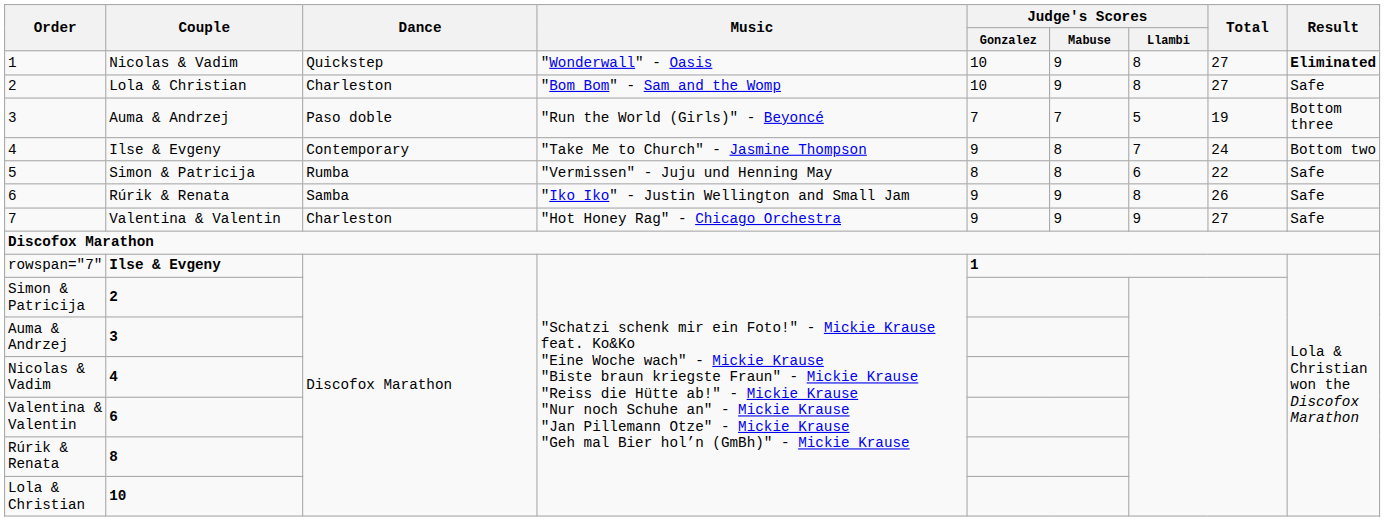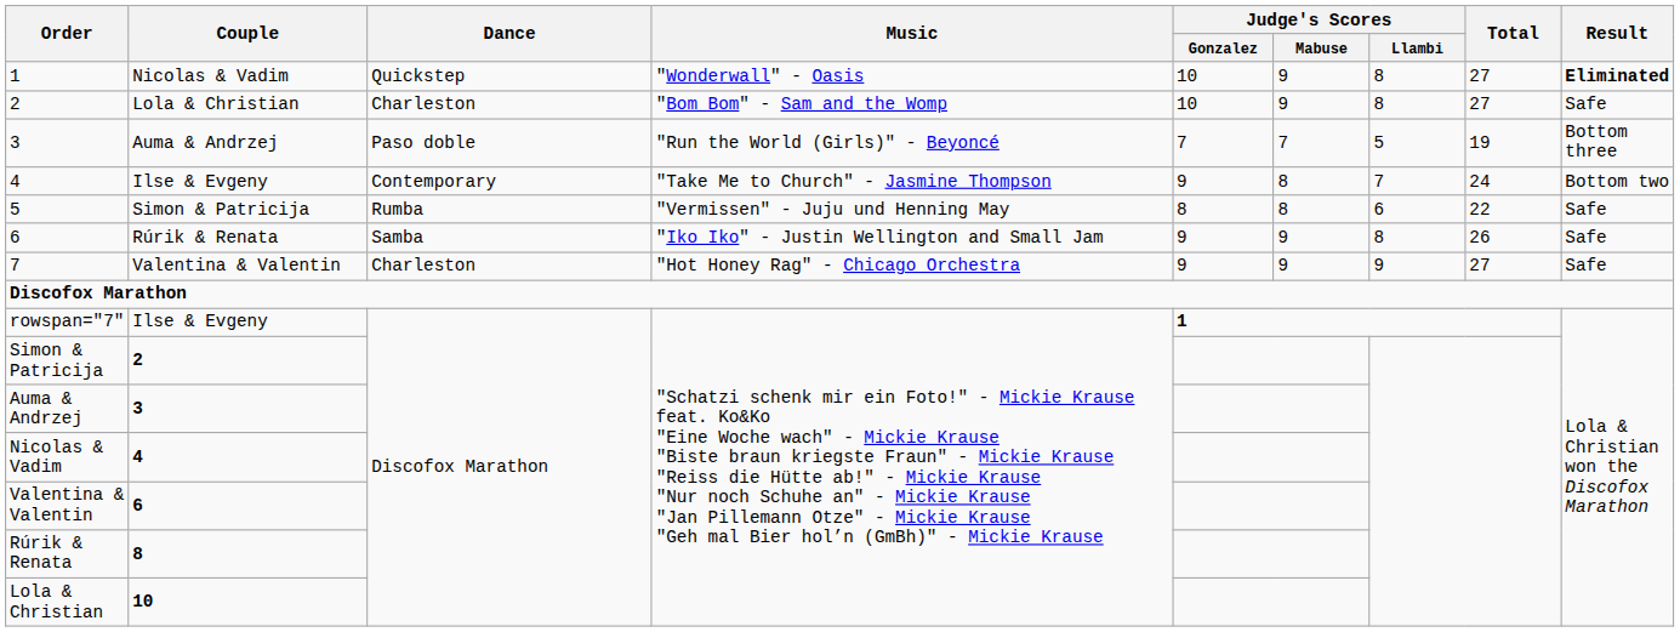 <table class="wikitable sortable center">
 <tr>
 <th rowspan="2" style="width: 4em">Order</th>
 <th rowspan="2" style="width: 17em">Couple</th>
 <th rowspan="2" style="width: 20em">Dance</th>
 <th rowspan="2" style="width: 40em">Music</th>
 <th colspan="3">Judge's Scores</th>
 <th rowspan="2" style="width: 6em">Total</th>
 <th rowspan="2" colspan="2" style="width: 7em">Result</th>
 </tr>
 <tr>
 <th style="width: 6em"><small>Gonzalez</small></th>
 <th style="width: 6em"><small>Mabuse</small></th>
 <th style="width: 6em"><small>Llambi</small></th>
 </tr>
 <tr>
 <td>1</td>
 <td>Nicolas & Vadim</td>
 <td>Quickstep</td>
 <td>"<a href='#'>Wonderwall</a>" - <a href='#'>Oasis</a></td>
 <td>10</td>
 <td>9</td>
 <td>8</td>
 <td>27</td>
 <td colspan="2"><strong>Eliminated</strong></td>
 </tr>
 <tr>
 <td>2</td>
 <td>Lola & Christian</td>
 <td>Charleston</td>
 <td>"<a href='#'>Bom Bom</a>" - <a href='#'>Sam and the Womp</a></td>
 <td>10</td>
 <td>9</td>
 <td>8</td>
 <td>27</td>
 <td colspan="2">Safe</td>
 </tr>
 <tr>
 <td>3</td>
 <td>Auma & Andrzej</td>
 <td>Paso doble</td>
 <td>"Run the World (Girls)" - <a href='#'>Beyoncé</a></td>
 <td>7</td>
 <td>7</td>
 <td>5</td>
 <td>19</td>
 <td colspan="2">Bottom three</td>
 </tr>
 <tr>
 <td>4</td>
 <td>Ilse & Evgeny</td>
 <td>Contemporary</td>
 <td>"Take Me to Church" - <a href='#'>Jasmine Thompson</a></td>
 <td>9</td>
 <td>8</td>
 <td>7</td>
 <td>24</td>
 <td colspan="2">Bottom two</td>
 </tr>
 <tr>
 <td>5</td>
 <td>Simon & Patricija</td>
 <td>Rumba</td>
 <td>"Vermissen" - Juju und Henning May</td>
 <td>8</td>
 <td>8</td>
 <td>6</td>
 <td>22</td>
 <td colspan="2">Safe</td>
 </tr>
 <tr>
 <td>6</td>
 <td>Rúrik & Renata</td>
 <td>Samba</td>
 <td>"<a href='#'>Iko Iko</a>" - Justin Wellington and Small Jam</td>
 <td>9</td>
 <td>9</td>
 <td>8</td>
 <td>26</td>
 <td colspan="2">Safe</td>
 </tr>
 <tr>
 <td>7</td>
 <td>Valentina & Valentin</td>
 <td>Charleston</td>
 <td>"Hot Honey Rag" - <a href='#'>Chicago Orchestra</a></td>
 <td>9</td>
 <td>9</td>
 <td>9</td>
 <td>27</td>
 <td colspan="2">Safe</td>
 </tr>
 <tr>
 <td colspan="10"><strong>Discofox Marathon</strong></td>
 </tr>
 <tr>
 <td>rowspan="7" </td>
-<td><strong>Ilse & Evgeny</strong></td>
+<td>Ilse & Evgeny</td>
 <td rowspan="7">Discofox Marathon</td>
 <td rowspan="7">"Schatzi schenk mir ein Foto!" - <a href='#'>Mickie Krause</a> feat. Ko&Ko<br>"Eine Woche wach" - <a href='#'>Mickie Krause</a><br>"Biste braun kriegste Fraun" - <a href='#'>Mickie Krause</a><br>"Reiss die Hütte ab!" - <a href='#'>Mickie Krause</a><br>"Nur noch Schuhe an" - <a href='#'>Mickie Krause</a><br>"Jan Pillemann Otze" - <a href='#'>Mickie Krause</a><br>"Geh mal Bier hol’n (GmBh)" - <a href='#'>Mickie Krause</a></td>
 <td colspan="5"><strong>1</strong></td>
 <td rowspan="7">Lola & Christian won the <em>Discofox Marathon</em></td>
 </tr>
 <tr>
 <td>Simon & Patricija</td>
 <td colspan="5"><strong>2</strong></td>
 </tr>
 <tr>
 <td>Auma & Andrzej</td>
 <td colspan="5"><strong>3</strong></td>
 </tr>
 <tr>
 <td>Nicolas & Vadim</td>
 <td colspan="5"><strong>4</strong></td>
 </tr>
 <tr>
 <td>Valentina & Valentin</td>
 <td colspan="5"><strong>6</strong></td>
 </tr>
 <tr>
 <td>Rúrik & Renata</td>
 <td colspan="5"><strong>8</strong></td>
 </tr>
 <tr>
 <td>Lola & Christian</td>
 <td colspan="5"><strong>10</strong></td>
 </tr>
 </table>
